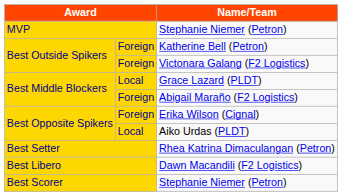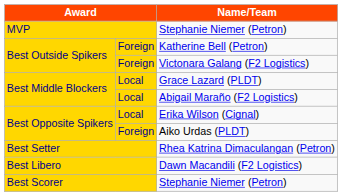 <table class="wikitable">
 <tr>
 <th style="background:#FF4500; color:#FFFFFF;" colspan="2">Award</th>
 <th style="background:#FF4500; color:#FFFFFF;">Name/Team</th>
 </tr>
 <tr>
 <td style="background:#FFD700; color:#00008B;" colspan="2">MVP</td>
 <td> <a href='#'>Stephanie Niemer</a> (<a href='#'>Petron</a>)</td>
 </tr>
 <tr>
 <td style="background:#FFD700; color:#00008B;" rowspan=2>Best Outside Spikers</td>
 <td style="background:#FFD700; color:#00008B;">Foreign</td>
 <td> <a href='#'>Katherine Bell</a>  (<a href='#'>Petron</a>)</td>
 </tr>
 <tr>
 <td style="background:#FFD700; color:#00008B;">Foreign</td>
 <td> <a href='#'>Victonara Galang</a> (<a href='#'>F2 Logistics</a>)</td>
 </tr>
 <tr>
 <td style="background:#FFD700; color:#00008B;" rowspan="2">Best Middle Blockers</td>
 <td style="background:#FFD700; color:#00008B;">Local</td>
 <td> <a href='#'>Grace Lazard</a> (<a href='#'>PLDT</a>)</td>
 </tr>
 <tr>
-<td style="background:#FFD700; color:#00008B;">Foreign</td>
+<td style="background:#FFD700; color:#00008B;">Local</td>
 <td> <a href='#'>Abigail Maraño</a> (<a href='#'>F2 Logistics</a>)</td>
 </tr>
 <tr>
 <td style="background:#FFD700; color:#00008B;" rowspan="2">Best Opposite Spikers</td>
-<td style="background:#FFD700; color:#00008B;">Foreign</td>
+<td style="background:#FFD700; color:#00008B;">Local</td>
 <td>  <a href='#'>Erika Wilson</a> (<a href='#'>Cignal</a>)</td>
 </tr>
 <tr>
-<td style="background:#FFD700; color:#00008B;">Local</td>
+<td style="background:#FFD700; color:#00008B;">Foreign</td>
 <td>  Aiko Urdas (<a href='#'>PLDT</a>)</td>
 </tr>
 <tr>
 <td style="background:#FFD700; color:#00008B;" colspan="2">Best Setter</td>
 <td> <a href='#'>Rhea Katrina Dimaculangan</a> (<a href='#'>Petron</a>)</td>
 </tr>
 <tr>
 <td style="background:#FFD700; color:#00008B;" colspan="2">Best Libero</td>
 <td> <a href='#'>Dawn Macandili</a> (<a href='#'>F2 Logistics</a>)</td>
 </tr>
 <tr>
 <td style="background:#FFD700; color:#00008B;" colspan="2">Best Scorer</td>
 <td> <a href='#'>Stephanie Niemer</a> (<a href='#'>Petron</a>)</td>
 </tr>
 </table>
